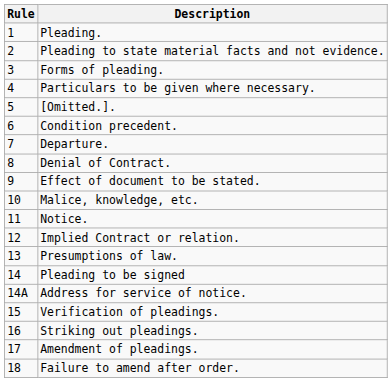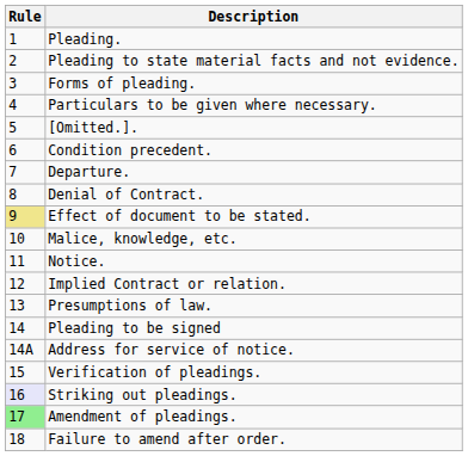 <table class="wikitable">
 <tr>
 <th>Rule</th>
 <th>Description</th>
 </tr>
 <tr>
 <td>1</td>
 <td>Pleading.</td>
 </tr>
 <tr>
 <td>2</td>
 <td>Pleading to state material facts and not evidence.</td>
 </tr>
 <tr>
 <td>3</td>
 <td>Forms of pleading.</td>
 </tr>
 <tr>
 <td>4</td>
 <td>Particulars to be given where necessary.</td>
 </tr>
 <tr>
 <td>5</td>
 <td>[Omitted.].</td>
 </tr>
 <tr>
 <td>6</td>
 <td>Condition precedent.</td>
 </tr>
 <tr>
 <td>7</td>
 <td>Departure.</td>
 </tr>
 <tr>
 <td>8</td>
 <td>Denial of Contract.</td>
 </tr>
 <tr>
-<td>9</td>
+<td style="background: khaki;">9</td>
 <td>Effect of document to be stated.</td>
 </tr>
 <tr>
 <td>10</td>
 <td>Malice, knowledge, etc.</td>
 </tr>
 <tr>
 <td>11</td>
 <td>Notice.</td>
 </tr>
 <tr>
 <td>12</td>
 <td>Implied Contract or relation.</td>
 </tr>
 <tr>
 <td>13</td>
 <td>Presumptions of law.</td>
 </tr>
 <tr>
 <td>14</td>
 <td>Pleading to be signed</td>
 </tr>
 <tr>
 <td>14A</td>
 <td>Address for service of notice.</td>
 </tr>
 <tr>
 <td>15</td>
 <td>Verification of pleadings.</td>
 </tr>
 <tr>
-<td>16</td>
+<td style="background: lavender;">16</td>
 <td>Striking out pleadings.</td>
 </tr>
 <tr>
-<td>17</td>
+<td style="background: lightgreen;">17</td>
 <td>Amendment of pleadings.</td>
 </tr>
 <tr>
 <td>18</td>
 <td>Failure to amend after order.</td>
 </tr>
 </table>
